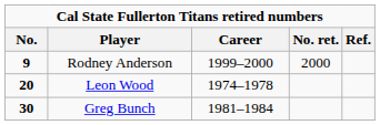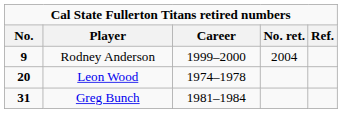 <table class="wikitable sortable" style="text-align:center">
 <tr>
 <td colspan="5"><strong>Cal State Fullerton Titans retired numbers</strong></td>
 </tr>
 <tr>
 <th width=40px>No.</th>
 <th width=150px>Player</th>
 <th width=100px>Career</th>
 <th width=px>No. ret.</th>
 <th width=px>Ref.</th>
 </tr>
 <tr>
 <td><strong>9</strong></td>
 <td>Rodney Anderson</td>
 <td>1999–2000</td>
-<td>2000</td>
+<td>2004</td>
 <td></td>
 </tr>
 <tr>
 <td><strong>20</strong></td>
 <td><a href='#'>Leon Wood</a></td>
 <td>1974–1978</td>
 <td></td>
 <td></td>
 </tr>
 <tr>
-<td><strong>30</strong></td>
+<td><strong>31</strong></td>
 <td><a href='#'>Greg Bunch</a></td>
 <td>1981–1984</td>
 <td></td>
 <td></td>
 </tr>
 </table>
